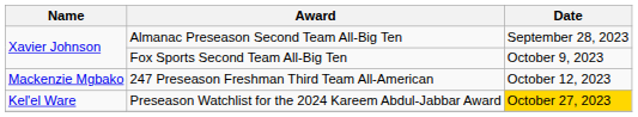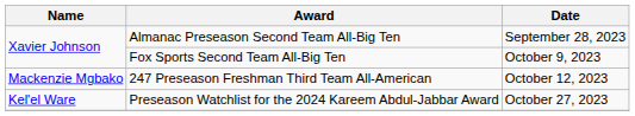 <table class=wikitable "border="1">
 <tr align=center>
 <th>Name</th>
 <th>Award</th>
 <th>Date</th>
 </tr>
 <tr>
 <td rowspan=2><a href='#'>Xavier Johnson</a></td>
 <td>Almanac Preseason Second Team All-Big Ten</td>
 <td>September 28, 2023</td>
 </tr>
 <tr>
 <td>Fox Sports Second Team All-Big Ten</td>
 <td>October 9, 2023</td>
 </tr>
 <tr>
 <td rowspan=1><a href='#'>Mackenzie Mgbako</a></td>
 <td>247 Preseason Freshman Third Team All-American</td>
 <td>October 12, 2023</td>
 </tr>
 <tr>
 <td rowspan=1><a href='#'>Kel'el Ware</a></td>
 <td>Preseason Watchlist for the 2024 Kareem Abdul-Jabbar Award</td>
-<td style="background: gold;">October 27, 2023</td>
+<td>October 27, 2023</td>
 </tr>
 <tr>
 </tr>
 </table>
